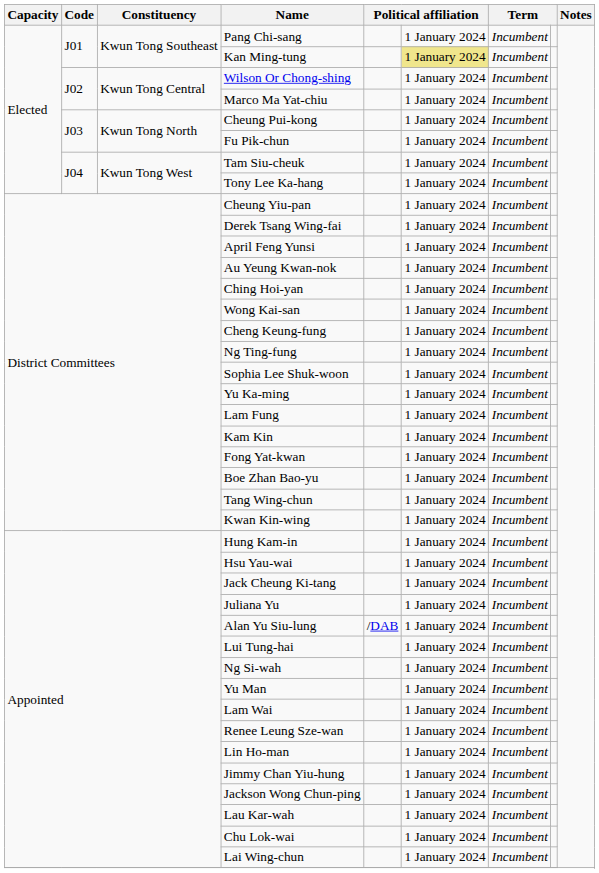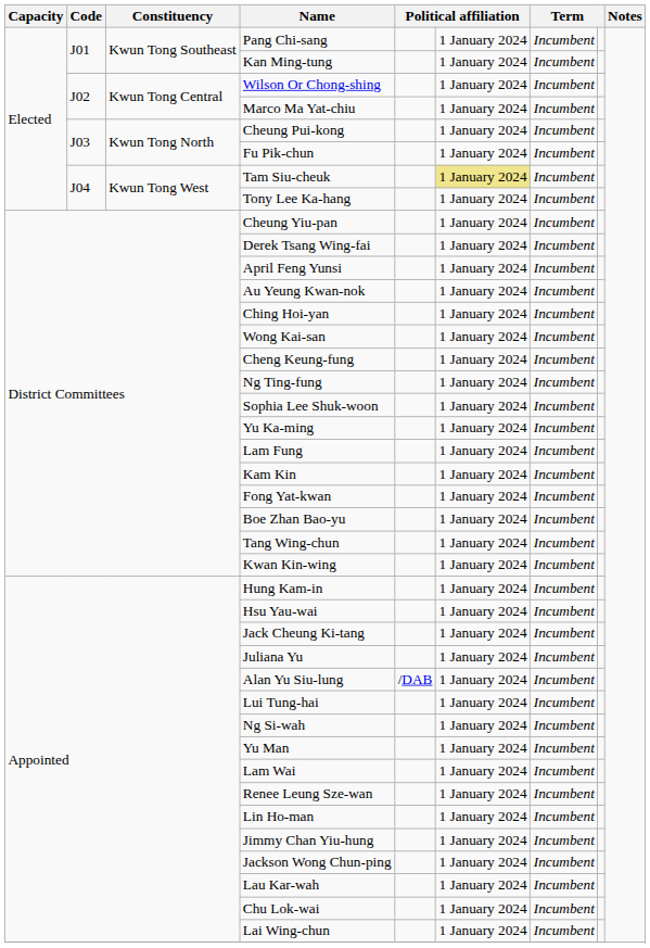 <table class="wikitable sortable" border=1>
 <tr>
 <th>Capacity</th>
 <th>Code</th>
 <th>Constituency</th>
 <th>Name</th>
 <th colspan=2>Political affiliation</th>
 <th colspan="2">Term</th>
 <th class="unsortable">Notes</th>
 </tr>
 <tr>
 <td rowspan="8">Elected</td>
 <td rowspan="2">J01</td>
 <td rowspan="2">Kwun Tong Southeast</td>
 <td>Pang Chi-sang</td>
 <td></td>
 <td>1 January 2024</td>
 <td><em>Incumbent</em></td>
 <td></td>
 </tr>
 <tr>
 <td>Kan Ming-tung</td>
 <td></td>
-<td style="background: khaki;">1 January 2024</td>
+<td>1 January 2024</td>
 <td><em>Incumbent</em></td>
 <td></td>
 </tr>
 <tr>
 <td rowspan="2">J02</td>
 <td rowspan="2">Kwun Tong Central</td>
 <td><a href='#'>Wilson Or Chong-shing</a></td>
 <td></td>
 <td>1 January 2024</td>
 <td><em>Incumbent</em></td>
 <td></td>
 </tr>
 <tr>
 <td>Marco Ma Yat-chiu</td>
 <td></td>
 <td>1 January 2024</td>
 <td><em>Incumbent</em></td>
 <td></td>
 </tr>
 <tr>
 <td rowspan="2">J03</td>
 <td rowspan="2">Kwun Tong North</td>
 <td>Cheung Pui-kong</td>
 <td></td>
 <td>1 January 2024</td>
 <td><em>Incumbent</em></td>
 <td scope="row" style="text-align: left;"></td>
 </tr>
 <tr>
 <td>Fu Pik-chun</td>
 <td></td>
 <td>1 January 2024</td>
 <td><em>Incumbent</em></td>
 <td scope="row" style="text-align: left;"></td>
 </tr>
 <tr>
 <td rowspan="2">J04</td>
 <td rowspan="2">Kwun Tong West</td>
 <td>Tam Siu-cheuk</td>
 <td></td>
-<td>1 January 2024</td>
+<td style="background: khaki;">1 January 2024</td>
 <td><em>Incumbent</em></td>
 <td></td>
 </tr>
 <tr>
 <td>Tony Lee Ka-hang</td>
 <td></td>
 <td>1 January 2024</td>
 <td><em>Incumbent</em></td>
 <td></td>
 </tr>
 <tr>
 <td colspan="3" rowspan="16">District Committees</td>
 <td>Cheung Yiu-pan</td>
 <td></td>
 <td>1 January 2024</td>
 <td><em>Incumbent</em></td>
 <td></td>
 </tr>
 <tr>
 <td>Derek Tsang Wing-fai</td>
 <td></td>
 <td>1 January 2024</td>
 <td><em>Incumbent</em></td>
 <td></td>
 </tr>
 <tr>
 <td>April Feng Yunsi</td>
 <td></td>
 <td>1 January 2024</td>
 <td><em>Incumbent</em></td>
 <td></td>
 </tr>
 <tr>
 <td>Au Yeung Kwan-nok</td>
 <td></td>
 <td>1 January 2024</td>
 <td><em>Incumbent</em></td>
 <td></td>
 </tr>
 <tr>
 <td>Ching Hoi-yan</td>
 <td></td>
 <td>1 January 2024</td>
 <td><em>Incumbent</em></td>
 <td></td>
 </tr>
 <tr>
 <td>Wong Kai-san</td>
 <td></td>
 <td>1 January 2024</td>
 <td><em>Incumbent</em></td>
 <td></td>
 </tr>
 <tr>
 <td>Cheng Keung-fung</td>
 <td></td>
 <td>1 January 2024</td>
 <td><em>Incumbent</em></td>
 <td></td>
 </tr>
 <tr>
 <td>Ng Ting-fung</td>
 <td></td>
 <td>1 January 2024</td>
 <td><em>Incumbent</em></td>
 <td></td>
 </tr>
 <tr>
 <td>Sophia Lee Shuk-woon</td>
 <td></td>
 <td>1 January 2024</td>
 <td><em>Incumbent</em></td>
 <td></td>
 </tr>
 <tr>
 <td>Yu Ka-ming</td>
 <td></td>
 <td>1 January 2024</td>
 <td><em>Incumbent</em></td>
 <td></td>
 </tr>
 <tr>
 <td>Lam Fung</td>
 <td></td>
 <td>1 January 2024</td>
 <td><em>Incumbent</em></td>
 <td></td>
 </tr>
 <tr>
 <td>Kam Kin</td>
 <td></td>
 <td>1 January 2024</td>
 <td><em>Incumbent</em></td>
 <td></td>
 </tr>
 <tr>
 <td>Fong Yat-kwan</td>
 <td></td>
 <td>1 January 2024</td>
 <td><em>Incumbent</em></td>
 <td></td>
 </tr>
 <tr>
 <td>Boe Zhan Bao-yu</td>
 <td></td>
 <td>1 January 2024</td>
 <td><em>Incumbent</em></td>
 <td></td>
 </tr>
 <tr>
 <td>Tang Wing-chun</td>
 <td></td>
 <td>1 January 2024</td>
 <td><em>Incumbent</em></td>
 <td></td>
 </tr>
 <tr>
 <td>Kwan Kin-wing</td>
 <td></td>
 <td>1 January 2024</td>
 <td><em>Incumbent</em></td>
 <td></td>
 </tr>
 <tr>
 <td colspan="3" rowspan="16">Appointed</td>
 <td>Hung Kam-in</td>
 <td></td>
 <td>1 January 2024</td>
 <td><em>Incumbent</em></td>
 <td></td>
 </tr>
 <tr>
 <td>Hsu Yau-wai</td>
 <td></td>
 <td>1 January 2024</td>
 <td><em>Incumbent</em></td>
 <td></td>
 </tr>
 <tr>
 <td>Jack Cheung Ki-tang</td>
 <td></td>
 <td>1 January 2024</td>
 <td><em>Incumbent</em></td>
 <td></td>
 </tr>
 <tr>
 <td>Juliana Yu</td>
 <td></td>
 <td>1 January 2024</td>
 <td><em>Incumbent</em></td>
 <td></td>
 </tr>
 <tr>
 <td>Alan Yu Siu-lung</td>
 <td>/<a href='#'>DAB</a></td>
 <td>1 January 2024</td>
 <td><em>Incumbent</em></td>
 <td></td>
 </tr>
 <tr>
 <td>Lui Tung-hai</td>
 <td></td>
 <td>1 January 2024</td>
 <td><em>Incumbent</em></td>
 <td></td>
 </tr>
 <tr>
 <td>Ng Si-wah</td>
 <td></td>
 <td>1 January 2024</td>
 <td><em>Incumbent</em></td>
 <td></td>
 </tr>
 <tr>
 <td>Yu Man</td>
 <td></td>
 <td>1 January 2024</td>
 <td><em>Incumbent</em></td>
 <td></td>
 </tr>
 <tr>
 <td>Lam Wai</td>
 <td></td>
 <td>1 January 2024</td>
 <td><em>Incumbent</em></td>
 <td></td>
 </tr>
 <tr>
 <td>Renee Leung Sze-wan</td>
 <td></td>
 <td>1 January 2024</td>
 <td><em>Incumbent</em></td>
 <td rowspan="1" style="text-align: left;" scope="row"></td>
 </tr>
 <tr>
 <td>Lin Ho-man</td>
 <td></td>
 <td>1 January 2024</td>
 <td><em>Incumbent</em></td>
 <td></td>
 </tr>
 <tr>
 <td>Jimmy Chan Yiu-hung</td>
 <td></td>
 <td>1 January 2024</td>
 <td><em>Incumbent</em></td>
 <td></td>
 </tr>
 <tr>
 <td>Jackson Wong Chun-ping</td>
 <td></td>
 <td>1 January 2024</td>
 <td><em>Incumbent</em></td>
 <td></td>
 </tr>
 <tr>
 <td>Lau Kar-wah</td>
 <td></td>
 <td>1 January 2024</td>
 <td><em>Incumbent</em></td>
 <td></td>
 </tr>
 <tr>
 <td>Chu Lok-wai</td>
 <td></td>
 <td>1 January 2024</td>
 <td><em>Incumbent</em></td>
 <td></td>
 </tr>
 <tr>
 <td>Lai Wing-chun</td>
 <td></td>
 <td>1 January 2024</td>
 <td><em>Incumbent</em></td>
 <td></td>
 </tr>
 <tr>
 </tr>
 </table>
